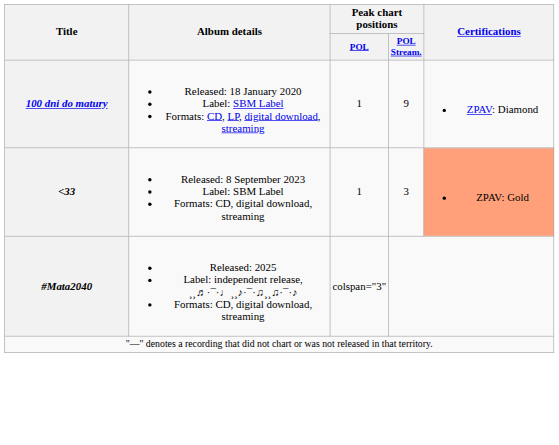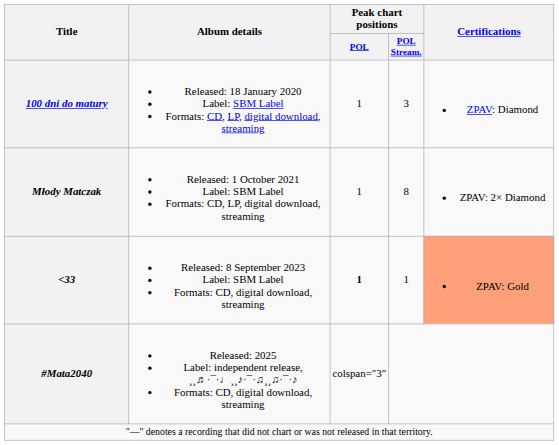 <table class="wikitable plainrowheaders" style="text-align:center;">
 <tr>
 <th scope="col" rowspan="2" style="width:11em;">Title</th>
 <th scope="col" rowspan="2" style="width:18em;">Album details</th>
 <th scope="col" colspan="2">Peak chart positions</th>
 <th scope="col" rowspan="2" style="width:11.5em;"><a href='#'>Certifications</a></th>
 </tr>
 <tr>
 <th scope="col" style="width:3em;font-size:85%;"><a href='#'>POL</a><br></th>
 <th scope="col" style="width:3em;font-size:85%;"><a href='#'>POL<br>Stream.</a><br></th>
 </tr>
 <tr>
 <th scope="row"><em><a href='#'>100 dni do matury</a></em></th>
 <td><br><ul><li>Released: 18 January 2020</li><li>Label: <a href='#'>SBM Label</a></li><li>Formats: <a href='#'>CD</a>, <a href='#'>LP</a>, <a href='#'>digital download</a>, <a href='#'>streaming</a></li></ul></td>
 <td>1</td>
-<td>9</td>
+<td>3</td>
 <td><br><ul><li><a href='#'>ZPAV</a>: Diamond</li></ul></td>
+</tr>
+<tr>
+<th scope="row"><em>Młody Matczak</em></th>
+<td><br><ul><li>Released: 1 October 2021</li><li>Label: SBM Label</li><li>Formats: CD, LP, digital download, streaming</li></ul></td>
+<td>1</td>
+<td>8</td>
+<td><br><ul><li>ZPAV: 2× Diamond</li></ul></td>
 </tr>
 <tr>
 <th scope="row"><em><33</em></th>
 <td><br><ul><li>Released: 8 September 2023</li><li>Label: SBM Label</li><li>Formats: CD, digital download, streaming</li></ul></td>
+<td><strong>1</strong></td>
 <td>1</td>
-<td>3</td>
 <td style="background: lightsalmon;"><br><ul><li>ZPAV: Gold</li></ul></td>
 </tr>
 <tr>
 <th scope="row"><em>#Mata2040</em></th>
 <td><br><ul><li>Released: 2025</li><li>Label: independent release, ¸¸♬·¯·♩¸¸♪·¯·♫¸¸♫·¯·♪</li><li>Formats: CD, digital download, streaming</li></ul></td>
 <td>colspan="3" </td>
 </tr>
 <tr>
 <td colspan="5" style="font-size:90%">"—" denotes a recording that did not chart or was not released in that territory.</td>
 </tr>
 </table>
